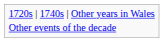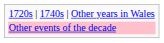 <table class="infobox" id="toc">
 <tr>
 <td align="left"><a href='#'>1720s</a> | <a href='#'>1740s</a> | <a href='#'>Other years in Wales</a></td>
 </tr>
 <tr>
-<td><a href='#'>Other events of the decade</a></td>
+<td style="background: pink;"><a href='#'>Other events of the decade</a></td>
 </tr>
 </table>
